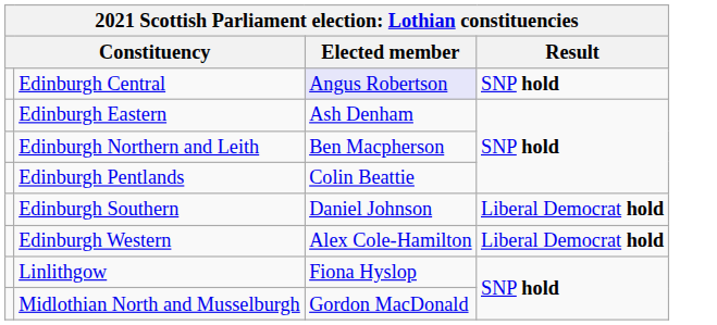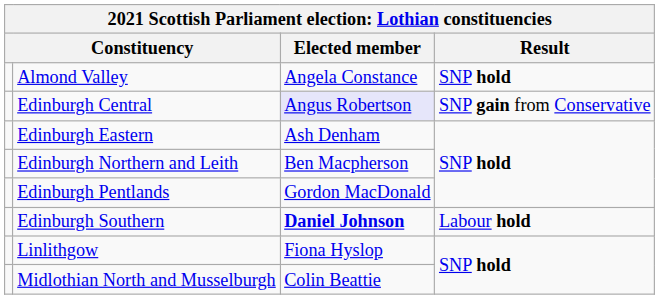 <table class="wikitable">
 <tr>
 <th colspan="4">2021 Scottish Parliament election: <a href='#'>Lothian</a> constituencies</th>
 </tr>
 <tr>
 <th colspan="2">Constituency</th>
 <th>Elected member</th>
 <th>Result</th>
 </tr>
 <tr>
 <td style="color:inherit;background-color: "></td>
+<td><a href='#'>Almond Valley</a></td>
+<td><a href='#'>Angela Constance</a></td>
+<td><a href='#'>SNP</a> <strong>hold</strong></td>
+</tr>
+<tr>
+<td style="color:inherit;background-color: "></td>
 <td><a href='#'>Edinburgh Central</a></td>
 <td style="background: lavender;"><a href='#'>Angus Robertson</a></td>
-<td><a href='#'>SNP</a> <strong>hold</strong></td>
+<td><a href='#'>SNP</a> <strong>gain</strong> from <a href='#'>Conservative</a></td>
 </tr>
 <tr>
 <td style="color:inherit;background-color: "></td>
 <td><a href='#'>Edinburgh Eastern</a></td>
 <td><a href='#'>Ash Denham</a></td>
 <td rowspan="3"><a href='#'>SNP</a> <strong>hold</strong></td>
 </tr>
 <tr>
 <td style="color:inherit;background-color: "></td>
 <td><a href='#'>Edinburgh Northern and Leith</a></td>
 <td><a href='#'>Ben Macpherson</a></td>
 </tr>
 <tr>
 <td style="color:inherit;background-color: "></td>
 <td><a href='#'>Edinburgh Pentlands</a></td>
-<td><a href='#'>Colin Beattie</a></td>
+<td><a href='#'>Gordon MacDonald</a></td>
 </tr>
 <tr>
 <td style="color:inherit;background-color: "></td>
 <td><a href='#'>Edinburgh Southern</a></td>
-<td><a href='#'>Daniel Johnson</a></td>
-<td><a href='#'>Liberal Democrat</a> <strong>hold</strong></td>
-</tr>
-<tr>
-<td style="color:inherit;background-color: "></td>
-<td><a href='#'>Edinburgh Western</a></td>
-<td><a href='#'>Alex Cole-Hamilton</a></td>
-<td><a href='#'>Liberal Democrat</a> <strong>hold</strong></td>
+<td><strong><a href='#'>Daniel Johnson</a></strong></td>
+<td><a href='#'>Labour</a> <strong>hold</strong></td>
 </tr>
 <tr>
 <td style="color:inherit;background-color: "></td>
 <td><a href='#'>Linlithgow</a></td>
 <td><a href='#'>Fiona Hyslop</a></td>
 <td rowspan="2"><a href='#'>SNP</a> <strong>hold</strong></td>
 </tr>
 <tr>
 <td style="color:inherit;background-color: "></td>
 <td><a href='#'>Midlothian North and Musselburgh</a></td>
-<td><a href='#'>Gordon MacDonald</a></td>
+<td><a href='#'>Colin Beattie</a></td>
 </tr>
 </table>
